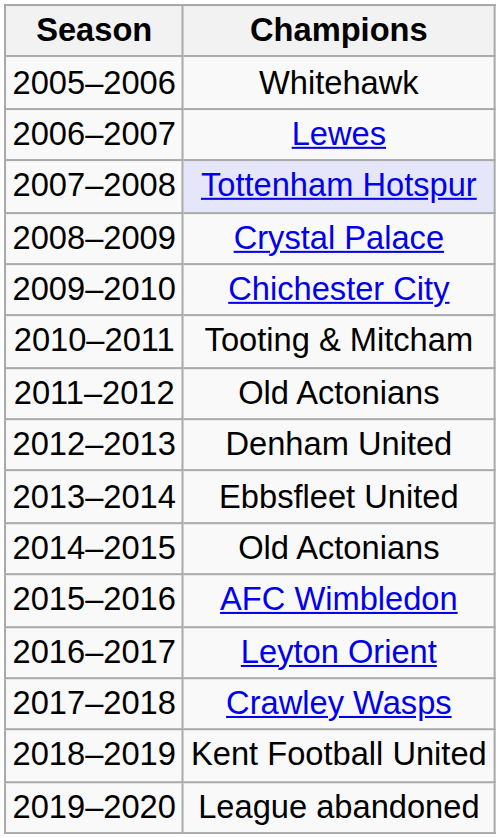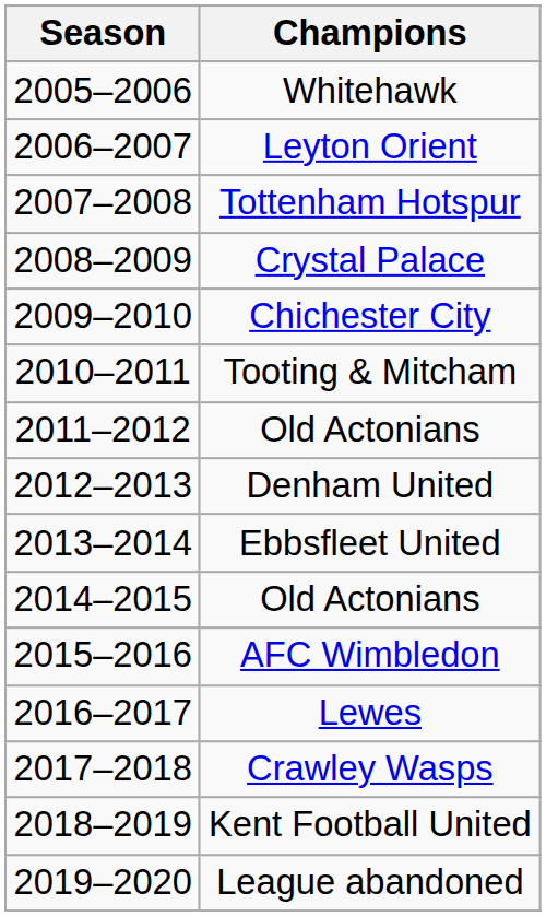 <table class="wikitable" style="text-align: center">
 <tr>
 </tr>
 <tr>
 <th>Season</th>
 <th>Champions</th>
 </tr>
 <tr>
 <td>2005–2006</td>
 <td>Whitehawk</td>
 </tr>
 <tr>
 <td>2006–2007</td>
-<td><a href='#'>Lewes</a></td>
+<td><a href='#'>Leyton Orient</a></td>
 </tr>
 <tr>
 <td>2007–2008</td>
-<td style="background: lavender;"><a href='#'>Tottenham Hotspur</a></td>
+<td><a href='#'>Tottenham Hotspur</a></td>
 </tr>
 <tr>
 <td>2008–2009</td>
 <td><a href='#'>Crystal Palace</a></td>
 </tr>
 <tr>
 <td>2009–2010</td>
 <td><a href='#'>Chichester City</a></td>
 </tr>
 <tr>
 <td>2010–2011</td>
 <td>Tooting & Mitcham</td>
 </tr>
 <tr>
 <td>2011–2012</td>
 <td>Old Actonians</td>
 </tr>
 <tr>
 <td>2012–2013</td>
 <td>Denham United</td>
 </tr>
 <tr>
 <td>2013–2014</td>
 <td>Ebbsfleet United</td>
 </tr>
 <tr>
 <td>2014–2015</td>
 <td>Old Actonians</td>
 </tr>
 <tr>
 <td>2015–2016</td>
 <td><a href='#'>AFC Wimbledon</a></td>
 </tr>
 <tr>
 <td>2016–2017</td>
-<td><a href='#'>Leyton Orient</a></td>
+<td><a href='#'>Lewes</a></td>
 </tr>
 <tr>
 <td>2017–2018</td>
 <td><a href='#'>Crawley Wasps</a></td>
 </tr>
 <tr>
 <td>2018–2019</td>
 <td>Kent Football United</td>
 </tr>
 <tr>
 <td>2019–2020</td>
 <td>League abandoned</td>
 </tr>
 <tr>
 </tr>
 </table>
